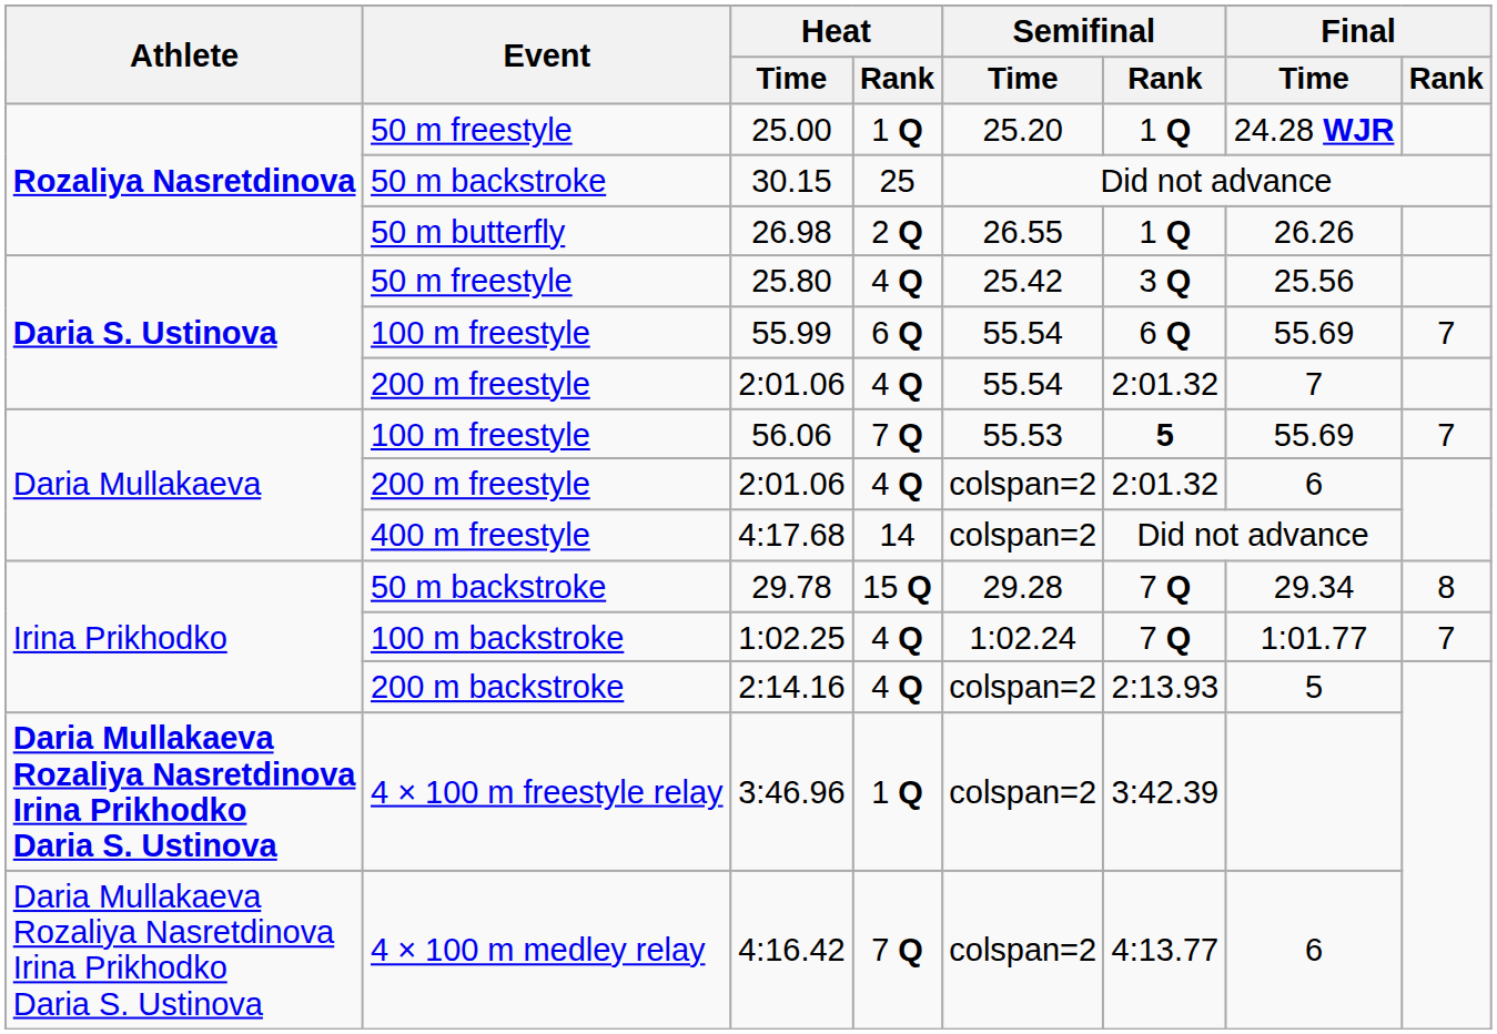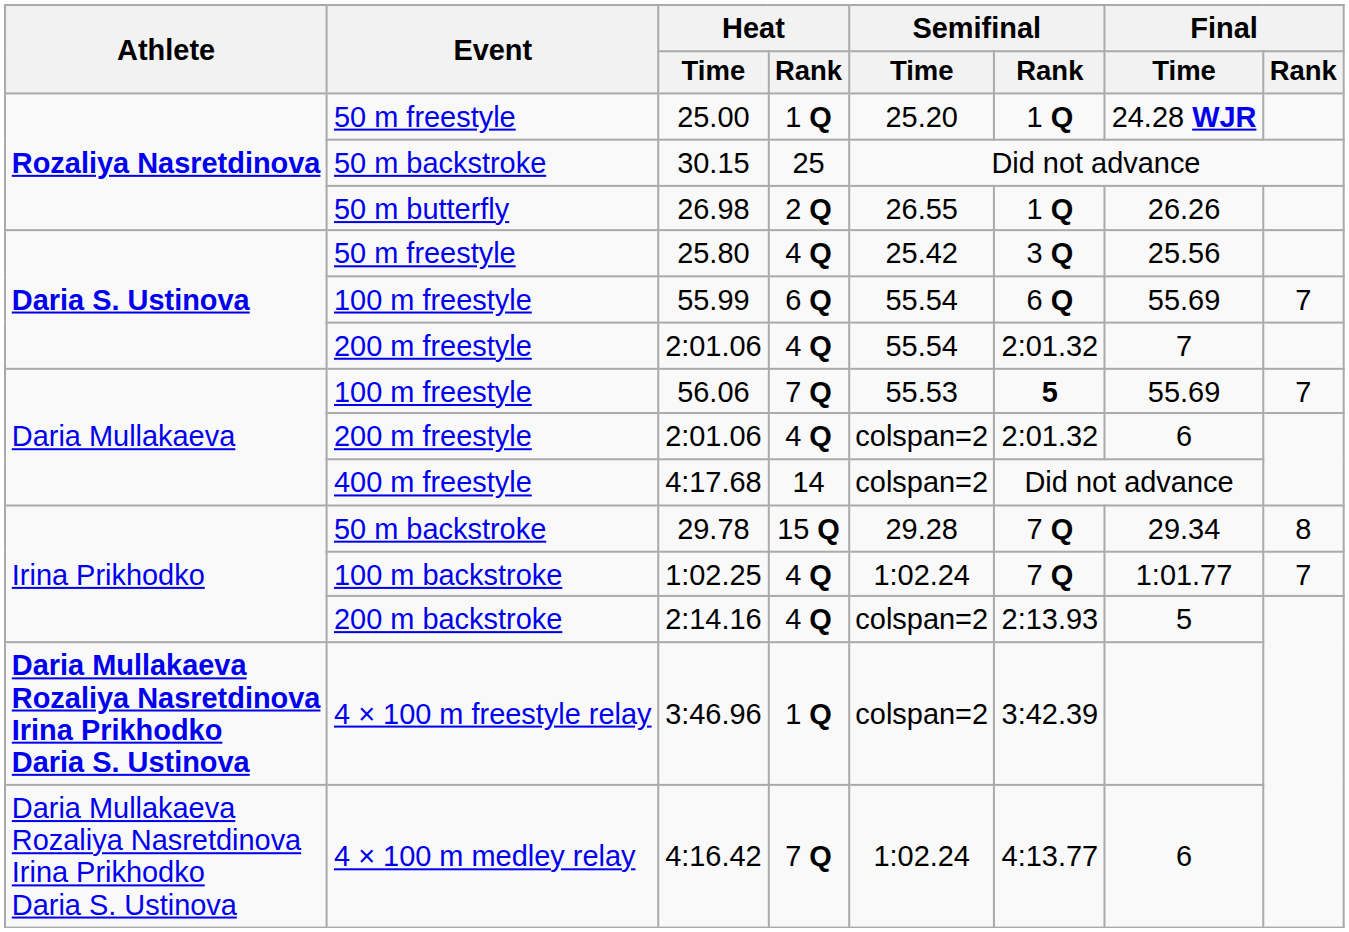 <table class=wikitable style="font-size:90%">
 <tr>
 <th rowspan=2>Athlete</th>
 <th rowspan=2>Event</th>
 <th colspan="2">Heat</th>
 <th colspan="2">Semifinal</th>
 <th colspan="2">Final</th>
 </tr>
 <tr style="font-size:95%">
 <th>Time</th>
 <th>Rank</th>
 <th>Time</th>
 <th>Rank</th>
 <th>Time</th>
 <th>Rank</th>
 </tr>
 <tr align=center>
 <td align=left rowspan=3><strong><a href='#'>Rozaliya Nasretdinova</a></strong></td>
 <td align=left><a href='#'>50 m freestyle</a></td>
 <td>25.00</td>
 <td>1 <strong>Q</strong></td>
 <td>25.20</td>
 <td>1 <strong>Q</strong></td>
 <td>24.28 <strong><a href='#'>WJR</a></strong></td>
 <td></td>
 </tr>
 <tr align=center>
 <td align=left><a href='#'>50 m backstroke</a></td>
 <td>30.15</td>
 <td>25</td>
 <td colspan=4>Did not advance</td>
 </tr>
 <tr align=center>
 <td align=left><a href='#'>50 m butterfly</a></td>
 <td>26.98</td>
 <td>2 <strong>Q</strong></td>
 <td>26.55</td>
 <td>1 <strong>Q</strong></td>
 <td>26.26</td>
 <td></td>
 </tr>
 <tr align=center>
 <td align=left rowspan=3><strong><a href='#'>Daria S. Ustinova</a></strong></td>
 <td align=left><a href='#'>50 m freestyle</a></td>
 <td>25.80</td>
 <td>4 <strong>Q</strong></td>
 <td>25.42</td>
 <td>3 <strong>Q</strong></td>
 <td>25.56</td>
 <td></td>
 </tr>
 <tr align=center>
 <td align=left><a href='#'>100 m freestyle</a></td>
 <td>55.99</td>
 <td>6 <strong>Q</strong></td>
 <td>55.54</td>
 <td>6 <strong>Q</strong></td>
 <td>55.69</td>
 <td>7</td>
 </tr>
 <tr align=center>
 <td align=left><a href='#'>200 m freestyle</a></td>
 <td>2:01.06</td>
 <td>4 <strong>Q</strong></td>
 <td>55.54</td>
 <td>2:01.32</td>
 <td>7</td>
 </tr>
 <tr align=center>
 <td align=left rowspan=3><a href='#'>Daria Mullakaeva</a></td>
 <td align=left><a href='#'>100 m freestyle</a></td>
 <td>56.06</td>
 <td>7 <strong>Q</strong></td>
 <td>55.53</td>
 <td><strong>5</strong></td>
 <td>55.69</td>
 <td>7</td>
 </tr>
 <tr align=center>
 <td align=left><a href='#'>200 m freestyle</a></td>
 <td>2:01.06</td>
 <td>4 <strong>Q</strong></td>
 <td>colspan=2 </td>
 <td>2:01.32</td>
 <td>6</td>
 </tr>
 <tr align=center>
 <td align=left><a href='#'>400 m freestyle</a></td>
 <td>4:17.68</td>
 <td>14</td>
 <td>colspan=2 </td>
 <td colspan=2>Did not advance</td>
 </tr>
 <tr align=center>
 <td align=left rowspan=3><a href='#'>Irina Prikhodko</a></td>
 <td align=left><a href='#'>50 m backstroke</a></td>
 <td>29.78</td>
 <td>15 <strong>Q</strong></td>
 <td>29.28</td>
 <td>7 <strong>Q</strong></td>
 <td>29.34</td>
 <td>8</td>
 </tr>
 <tr align=center>
 <td align=left><a href='#'>100 m backstroke</a></td>
 <td>1:02.25</td>
 <td>4 <strong>Q</strong></td>
 <td>1:02.24</td>
 <td>7 <strong>Q</strong></td>
 <td>1:01.77</td>
 <td>7</td>
 </tr>
 <tr align=center>
 <td align=left><a href='#'>200 m backstroke</a></td>
 <td>2:14.16</td>
 <td>4 <strong>Q</strong></td>
 <td>colspan=2 </td>
 <td>2:13.93</td>
 <td>5</td>
 </tr>
 <tr align=center>
 <td align=left><strong><a href='#'>Daria Mullakaeva</a><br><a href='#'>Rozaliya Nasretdinova</a><br><a href='#'>Irina Prikhodko</a><br><a href='#'>Daria S. Ustinova</a></strong></td>
 <td align=left><a href='#'>4 × 100 m freestyle relay</a></td>
 <td>3:46.96</td>
 <td>1 <strong>Q</strong></td>
 <td>colspan=2 </td>
 <td>3:42.39</td>
 <td></td>
 </tr>
 <tr align=center>
 <td align=left><a href='#'>Daria Mullakaeva</a><br><a href='#'>Rozaliya Nasretdinova</a><br><a href='#'>Irina Prikhodko</a><br><a href='#'>Daria S. Ustinova</a></td>
 <td align=left><a href='#'>4 × 100 m medley relay</a></td>
 <td>4:16.42</td>
 <td>7 <strong>Q</strong></td>
-<td>colspan=2 </td>
+<td>1:02.24</td>
 <td>4:13.77</td>
 <td>6</td>
 </tr>
 </table>
